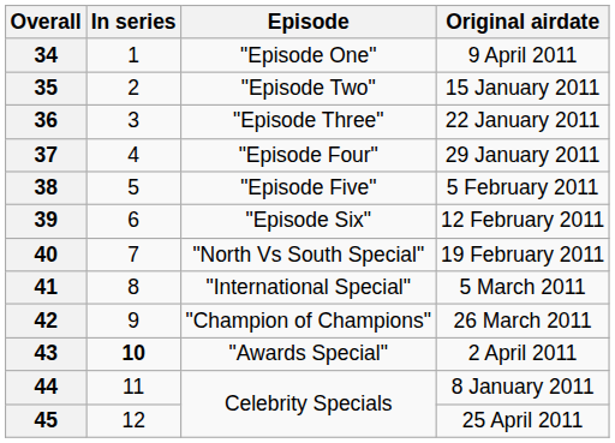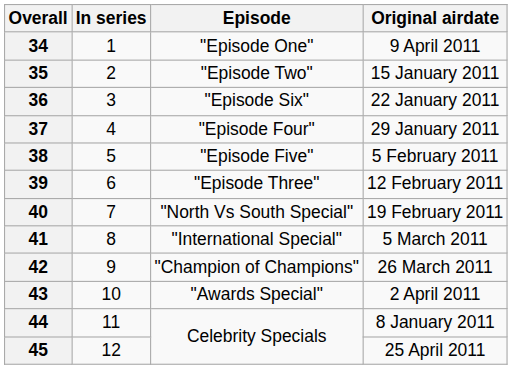 <table class="wikitable sortable" style="text-align: center;">
 <tr>
 <th>Overall</th>
 <th>In series</th>
 <th>Episode</th>
 <th>Original airdate</th>
 </tr>
 <tr>
 <th>34</th>
 <td>1</td>
 <td>"Episode One"</td>
 <td>9 April 2011</td>
 </tr>
 <tr>
 <th>35</th>
 <td>2</td>
 <td>"Episode Two"</td>
 <td>15 January 2011</td>
 </tr>
 <tr>
 <th>36</th>
 <td>3</td>
-<td>"Episode Three"</td>
+<td>"Episode Six"</td>
 <td>22 January 2011</td>
 </tr>
 <tr>
 <th>37</th>
 <td>4</td>
 <td>"Episode Four"</td>
 <td>29 January 2011</td>
 </tr>
 <tr>
 <th>38</th>
 <td>5</td>
 <td>"Episode Five"</td>
 <td>5 February 2011</td>
 </tr>
 <tr>
 <th>39</th>
 <td>6</td>
-<td>"Episode Six"</td>
+<td>"Episode Three"</td>
 <td>12 February 2011</td>
 </tr>
 <tr>
 <th>40</th>
 <td>7</td>
 <td>"North Vs South Special"</td>
 <td>19 February 2011</td>
 </tr>
 <tr>
 <th>41</th>
 <td>8</td>
 <td>"International Special"</td>
 <td>5 March 2011</td>
 </tr>
 <tr>
 <th>42</th>
 <td>9</td>
 <td>"Champion of Champions"</td>
 <td>26 March 2011</td>
 </tr>
 <tr>
 <th>43</th>
-<td><strong>10</strong></td>
+<td>10</td>
 <td>"Awards Special"</td>
 <td>2 April 2011</td>
 </tr>
 <tr>
 <th>44</th>
 <td>11</td>
 <td rowspan="2">Celebrity Specials</td>
 <td>8 January 2011</td>
 </tr>
 <tr>
 <th>45</th>
 <td>12</td>
 <td>25 April 2011</td>
 </tr>
 </table>
